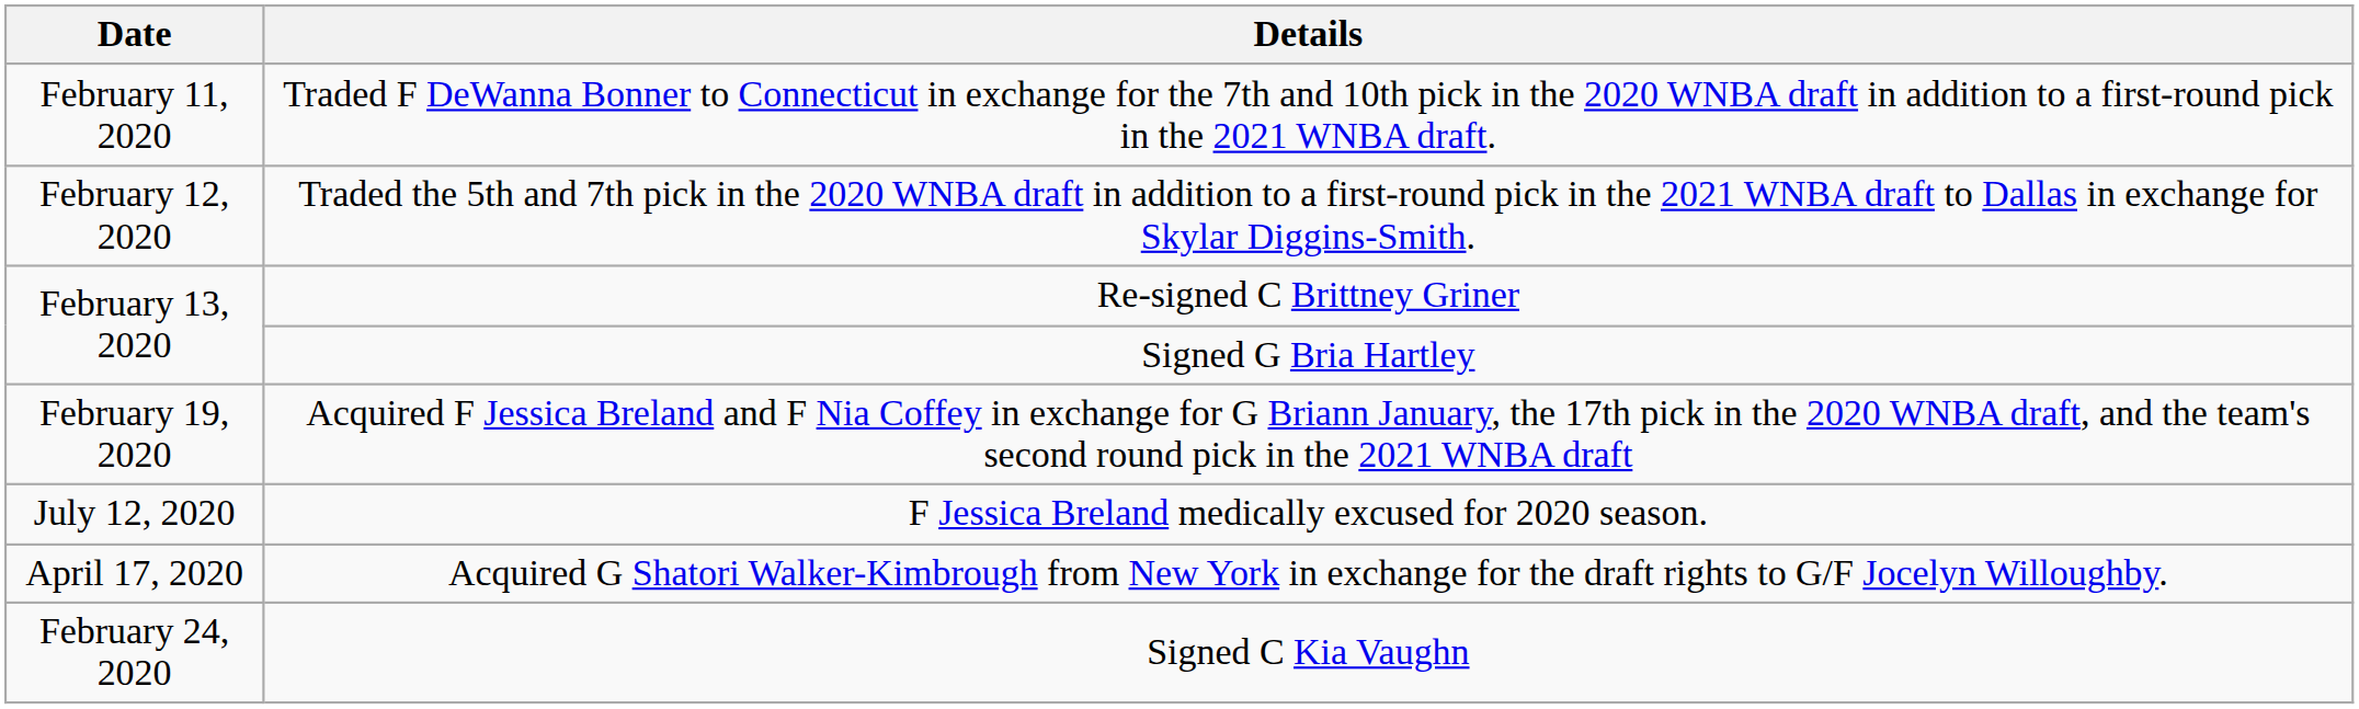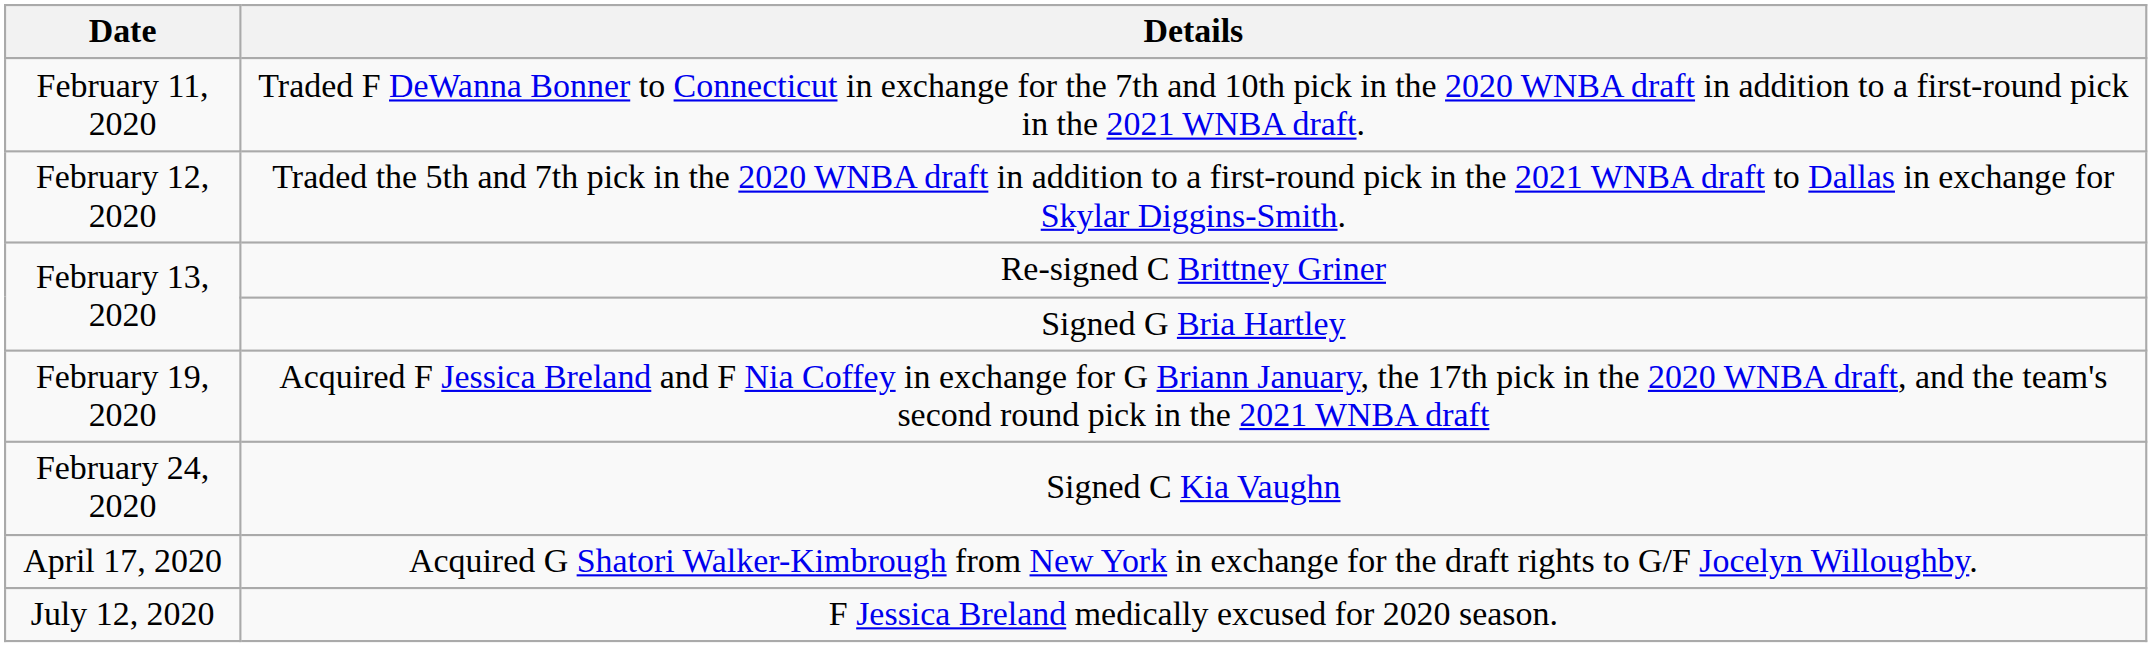 <table class="wikitable" style="width:80%; text-align: center;">
 <tr>
 <th>Date</th>
 <th>Details</th>
 </tr>
 <tr>
 <td>February 11, 2020</td>
 <td>Traded F <a href='#'>DeWanna Bonner</a> to <a href='#'>Connecticut</a> in exchange for the 7th and 10th pick in the <a href='#'>2020 WNBA draft</a> in addition to a first-round pick in the <a href='#'>2021 WNBA draft</a>.</td>
 </tr>
 <tr>
 <td>February 12, 2020</td>
 <td>Traded the 5th and 7th pick in the <a href='#'>2020 WNBA draft</a> in addition to a first-round pick in the <a href='#'>2021 WNBA draft</a> to <a href='#'>Dallas</a> in exchange for <a href='#'>Skylar Diggins-Smith</a>.</td>
 </tr>
 <tr>
 <td rowspan=2>February 13, 2020</td>
 <td>Re-signed C <a href='#'>Brittney Griner</a></td>
 </tr>
 <tr>
 <td>Signed G <a href='#'>Bria Hartley</a></td>
 </tr>
 <tr>
 <td>February 19, 2020</td>
 <td>Acquired F <a href='#'>Jessica Breland</a> and F <a href='#'>Nia Coffey</a> in exchange for G <a href='#'>Briann January</a>, the 17th pick in the <a href='#'>2020 WNBA draft</a>, and the team's second round pick in the <a href='#'>2021 WNBA draft</a></td>
 </tr>
 <tr>
-<td>July 12, 2020</td>
-<td>F <a href='#'>Jessica Breland</a> medically excused for 2020 season.</td>
+<td>February 24, 2020</td>
+<td>Signed C <a href='#'>Kia Vaughn</a></td>
 </tr>
 <tr>
 <td>April 17, 2020</td>
 <td>Acquired G <a href='#'>Shatori Walker-Kimbrough</a> from <a href='#'>New York</a> in exchange for the draft rights to G/F <a href='#'>Jocelyn Willoughby</a>.</td>
 </tr>
 <tr>
-<td>February 24, 2020</td>
-<td>Signed C <a href='#'>Kia Vaughn</a></td>
+<td>July 12, 2020</td>
+<td>F <a href='#'>Jessica Breland</a> medically excused for 2020 season.</td>
 </tr>
 </table>
